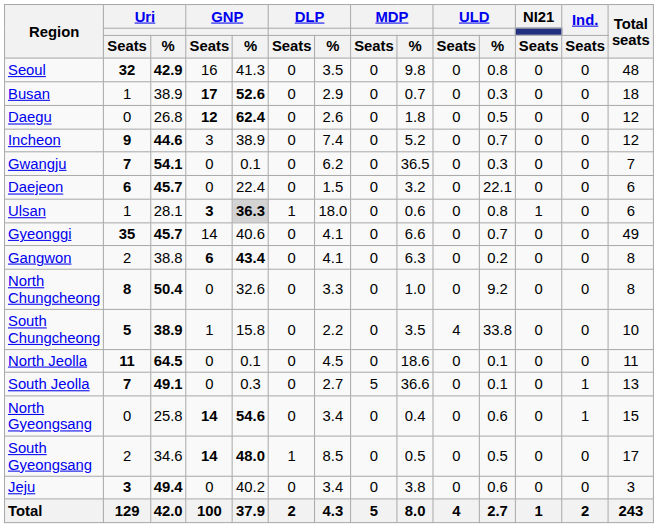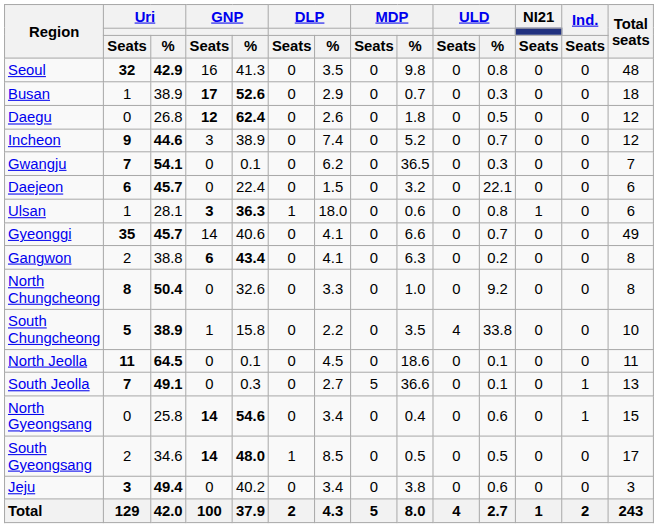 <table class="wikitable nowrap sortable" style="text-align:center; font-size:90%">
 <tr>
 <th rowspan="3">Region</th>
 <th colspan=2 style="width:50px" class="unsortable"><a href='#'>Uri</a></th>
 <th colspan=2 style="width:50px" class="unsortable"><a href='#'>GNP</a></th>
 <th colspan=2 style="width:50px" class="unsortable"><a href='#'>DLP</a></th>
 <th colspan=2 style="width:50px" class="unsortable"><a href='#'>MDP</a></th>
 <th colspan=2 style="width:50px" class="unsortable"><a href='#'>ULD</a></th>
 <th style="width:50px" class="unsortable">NI21</th>
 <th rowspan="2" style="width:50px" class="unsortable"><a href='#'>Ind.</a></th>
 <th rowspan="3">Total<br>seats</th>
 </tr>
 <tr>
 <th colspan=2 style="background:"></th>
 <th colspan=2 style="background:"></th>
 <th colspan=2 style="background:"></th>
 <th colspan=2 style="background:"></th>
 <th colspan=2 style="background:"></th>
 <th style="background:#21317F"></th>
 </tr>
 <tr>
 <th>Seats</th>
 <th>%</th>
 <th>Seats</th>
 <th>%</th>
 <th>Seats</th>
 <th>%</th>
 <th>Seats</th>
 <th>%</th>
 <th>Seats</th>
 <th>%</th>
 <th>Seats</th>
 <th>Seats</th>
 </tr>
 <tr>
 <td style="text-align:left"><a href='#'>Seoul</a></td>
 <td><strong>32</strong></td>
 <td><strong>42.9</strong></td>
 <td>16</td>
 <td>41.3</td>
 <td>0</td>
 <td>3.5</td>
 <td>0</td>
 <td>9.8</td>
 <td>0</td>
 <td>0.8</td>
 <td>0</td>
 <td>0</td>
 <td>48</td>
 </tr>
 <tr>
 <td style="text-align:left"><a href='#'>Busan</a></td>
 <td>1</td>
 <td>38.9</td>
 <td><strong>17</strong></td>
 <td><strong>52.6</strong></td>
 <td>0</td>
 <td>2.9</td>
 <td>0</td>
 <td>0.7</td>
 <td>0</td>
 <td>0.3</td>
 <td>0</td>
 <td>0</td>
 <td>18</td>
 </tr>
 <tr>
 <td style="text-align:left"><a href='#'>Daegu</a></td>
 <td>0</td>
 <td>26.8</td>
 <td><strong>12</strong></td>
 <td><strong>62.4</strong></td>
 <td>0</td>
 <td>2.6</td>
 <td>0</td>
 <td>1.8</td>
 <td>0</td>
 <td>0.5</td>
 <td>0</td>
 <td>0</td>
 <td>12</td>
 </tr>
 <tr>
 <td style="text-align:left"><a href='#'>Incheon</a></td>
 <td><strong>9</strong></td>
 <td><strong>44.6</strong></td>
 <td>3</td>
 <td>38.9</td>
 <td>0</td>
 <td>7.4</td>
 <td>0</td>
 <td>5.2</td>
 <td>0</td>
 <td>0.7</td>
 <td>0</td>
 <td>0</td>
 <td>12</td>
 </tr>
 <tr>
 <td style="text-align:left"><a href='#'>Gwangju</a></td>
 <td><strong>7</strong></td>
 <td><strong>54.1</strong></td>
 <td>0</td>
 <td>0.1</td>
 <td>0</td>
 <td>6.2</td>
 <td>0</td>
 <td>36.5</td>
 <td>0</td>
 <td>0.3</td>
 <td>0</td>
 <td>0</td>
 <td>7</td>
 </tr>
 <tr>
 <td style="text-align:left"><a href='#'>Daejeon</a></td>
 <td><strong>6</strong></td>
 <td><strong>45.7</strong></td>
 <td>0</td>
 <td>22.4</td>
 <td>0</td>
 <td>1.5</td>
 <td>0</td>
 <td>3.2</td>
 <td>0</td>
 <td>22.1</td>
 <td>0</td>
 <td>0</td>
 <td>6</td>
 </tr>
 <tr>
 <td style="text-align:left"><a href='#'>Ulsan</a></td>
 <td>1</td>
 <td>28.1</td>
 <td><strong>3</strong></td>
-<td style="background: lightgrey;"><strong>36.3</strong></td>
+<td><strong>36.3</strong></td>
 <td>1</td>
 <td>18.0</td>
 <td>0</td>
 <td>0.6</td>
 <td>0</td>
 <td>0.8</td>
 <td>1</td>
 <td>0</td>
 <td>6</td>
 </tr>
 <tr>
 <td style="text-align:left"><a href='#'>Gyeonggi</a></td>
 <td><strong>35</strong></td>
 <td><strong>45.7</strong></td>
 <td>14</td>
 <td>40.6</td>
 <td>0</td>
 <td>4.1</td>
 <td>0</td>
 <td>6.6</td>
 <td>0</td>
 <td>0.7</td>
 <td>0</td>
 <td>0</td>
 <td>49</td>
 </tr>
 <tr>
 <td style="text-align:left"><a href='#'>Gangwon</a></td>
 <td>2</td>
 <td>38.8</td>
 <td><strong>6</strong></td>
 <td><strong>43.4</strong></td>
 <td>0</td>
 <td>4.1</td>
 <td>0</td>
 <td>6.3</td>
 <td>0</td>
 <td>0.2</td>
 <td>0</td>
 <td>0</td>
 <td>8</td>
 </tr>
 <tr>
 <td style="text-align:left" data-sort-value="Chungcheong N"><a href='#'>North Chungcheong</a></td>
 <td><strong>8</strong></td>
 <td><strong>50.4</strong></td>
 <td>0</td>
 <td>32.6</td>
 <td>0</td>
 <td>3.3</td>
 <td>0</td>
 <td>1.0</td>
 <td>0</td>
 <td>9.2</td>
 <td>0</td>
 <td>0</td>
 <td>8</td>
 </tr>
 <tr>
 <td style="text-align:left" data-sort-value="Chungcheong S"><a href='#'>South Chungcheong</a></td>
 <td><strong>5</strong></td>
 <td><strong>38.9</strong></td>
 <td>1</td>
 <td>15.8</td>
 <td>0</td>
 <td>2.2</td>
 <td>0</td>
 <td>3.5</td>
 <td>4</td>
 <td>33.8</td>
 <td>0</td>
 <td>0</td>
 <td>10</td>
 </tr>
 <tr>
 <td style="text-align:left" data-sort-value="Jeolla N"><a href='#'>North Jeolla</a></td>
 <td><strong>11</strong></td>
 <td><strong>64.5</strong></td>
 <td>0</td>
 <td>0.1</td>
 <td>0</td>
 <td>4.5</td>
 <td>0</td>
 <td>18.6</td>
 <td>0</td>
 <td>0.1</td>
 <td>0</td>
 <td>0</td>
 <td>11</td>
 </tr>
 <tr>
 <td style="text-align:left" data-sort-value="Jeolla S"><a href='#'>South Jeolla</a></td>
 <td><strong>7</strong></td>
 <td><strong>49.1</strong></td>
 <td>0</td>
 <td>0.3</td>
 <td>0</td>
 <td>2.7</td>
 <td>5</td>
 <td>36.6</td>
 <td>0</td>
 <td>0.1</td>
 <td>0</td>
 <td>1</td>
 <td>13</td>
 </tr>
 <tr>
 <td style="text-align:left" data-sort-value="Gyeongsang N"><a href='#'>North Gyeongsang</a></td>
 <td>0</td>
 <td>25.8</td>
 <td><strong>14</strong></td>
 <td><strong>54.6</strong></td>
 <td>0</td>
 <td>3.4</td>
 <td>0</td>
 <td>0.4</td>
 <td>0</td>
 <td>0.6</td>
 <td>0</td>
 <td>1</td>
 <td>15</td>
 </tr>
 <tr>
 <td style="text-align:left" data-sort-value="Gyeongsang S"><a href='#'>South Gyeongsang</a></td>
 <td>2</td>
 <td>34.6</td>
 <td><strong>14</strong></td>
 <td><strong>48.0</strong></td>
 <td>1</td>
 <td>8.5</td>
 <td>0</td>
 <td>0.5</td>
 <td>0</td>
 <td>0.5</td>
 <td>0</td>
 <td>0</td>
 <td>17</td>
 </tr>
 <tr>
 <td style="text-align:left"><a href='#'>Jeju</a></td>
 <td><strong>3</strong></td>
 <td><strong>49.4</strong></td>
 <td>0</td>
 <td>40.2</td>
 <td>0</td>
 <td>3.4</td>
 <td>0</td>
 <td>3.8</td>
 <td>0</td>
 <td>0.6</td>
 <td>0</td>
 <td>0</td>
 <td>3</td>
 </tr>
 <tr class="sortbottom">
 <th style="text-align:left">Total</th>
 <th>129</th>
 <th>42.0</th>
 <th>100</th>
 <th>37.9</th>
 <th>2</th>
 <th>4.3</th>
 <th>5</th>
 <th>8.0</th>
 <th>4</th>
 <th>2.7</th>
 <th>1</th>
 <th>2</th>
 <th>243</th>
 </tr>
 </table>
